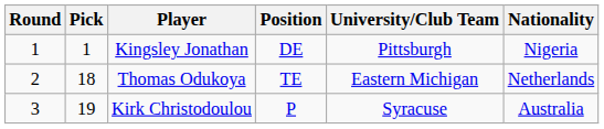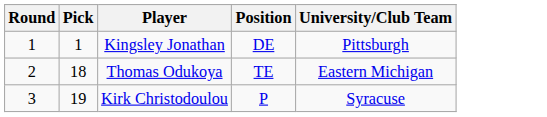 <table class="wikitable" style="font-size: 95%;">
 <tr>
 <th scope="col">Round</th>
 <th scope="col">Pick</th>
 <th scope="col">Player</th>
 <th scope="col">Position</th>
 <th scope="col">University/Club Team</th>
-<th scope="col">Nationality</th>
 </tr>
 <tr align="center">
 <td align=center>1</td>
 <td>1</td>
 <td><a href='#'>Kingsley Jonathan</a></td>
 <td><a href='#'>DE</a></td>
 <td><a href='#'>Pittsburgh</a></td>
-<td> <a href='#'>Nigeria</a></td>
 </tr>
 <tr align="center">
 <td align=center>2</td>
 <td>18</td>
 <td><a href='#'>Thomas Odukoya</a></td>
 <td><a href='#'>TE</a></td>
 <td><a href='#'>Eastern Michigan</a></td>
-<td> <a href='#'>Netherlands</a></td>
 </tr>
 <tr align="center">
 <td align=center>3</td>
 <td>19</td>
 <td><a href='#'>Kirk Christodoulou</a></td>
 <td><a href='#'>P</a></td>
 <td><a href='#'>Syracuse</a></td>
-<td> <a href='#'>Australia</a></td>
 </tr>
 </table>
